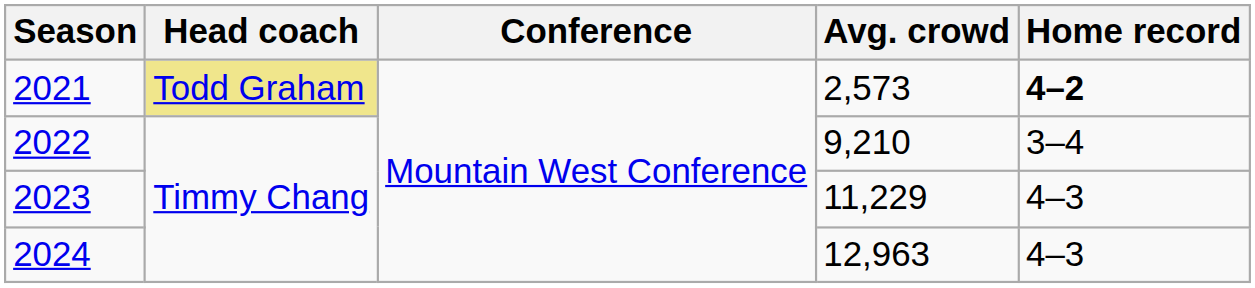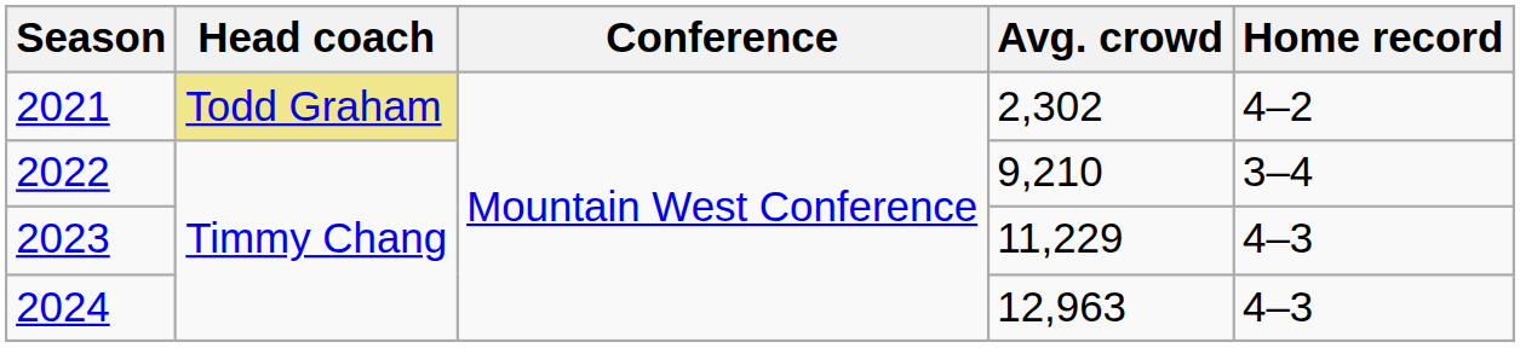 <table class="wikitable">
 <tr>
 <th>Season</th>
 <th>Head coach</th>
 <th>Conference</th>
 <th>Avg. crowd</th>
 <th>Home record</th>
 </tr>
 <tr>
 <td><a href='#'>2021</a></td>
 <td style="background: khaki;"><a href='#'>Todd Graham</a></td>
 <td rowspan=4><a href='#'>Mountain West Conference</a></td>
-<td>2,573</td>
-<td><strong>4–2</strong></td>
+<td>2,302</td>
+<td>4–2</td>
 </tr>
 <tr>
 <td><a href='#'>2022</a></td>
 <td rowspan=3><a href='#'>Timmy Chang</a></td>
 <td>9,210</td>
 <td>3–4</td>
 </tr>
 <tr>
 <td><a href='#'>2023</a></td>
 <td>11,229</td>
 <td>4–3</td>
 </tr>
 <tr>
 <td><a href='#'>2024</a></td>
 <td>12,963</td>
 <td>4–3</td>
 </tr>
 </table>
